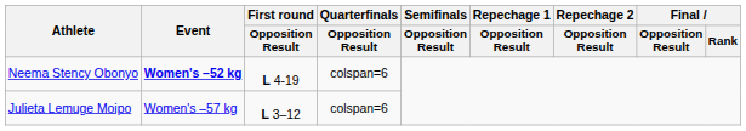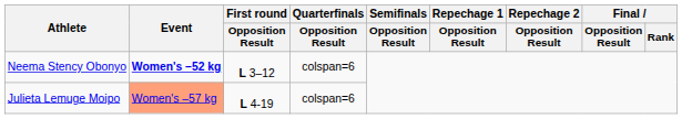 <table class="wikitable" style="font-size:90%;">
 <tr>
 <th rowspan=2>Athlete</th>
 <th rowspan=2>Event</th>
 <th>First round</th>
 <th>Quarterfinals</th>
 <th>Semifinals</th>
 <th>Repechage 1</th>
 <th>Repechage 2</th>
 <th colspan=2>Final / </th>
 </tr>
 <tr style="font-size:95%">
 <th>Opposition<br>Result</th>
 <th>Opposition<br>Result</th>
 <th>Opposition<br>Result</th>
 <th>Opposition<br>Result</th>
 <th>Opposition<br>Result</th>
 <th>Opposition<br>Result</th>
 <th>Rank</th>
 </tr>
 <tr align=center>
 <td align=left><a href='#'>Neema Stency Obonyo</a></td>
 <td align=left><strong><a href='#'>Women's –52 kg</a></strong></td>
-<td><br><strong>L</strong> 4-19</td>
+<td><br><strong>L</strong> 3–12</td>
 <td>colspan=6 </td>
 </tr>
 <tr align=center>
 <td align=left><a href='#'>Julieta Lemuge Moipo</a></td>
-<td align=left><a href='#'>Women's –57 kg</a></td>
-<td><br><strong>L</strong> 3–12</td>
+<td align=left style="background: lightsalmon;"><a href='#'>Women's –57 kg</a></td>
+<td><br><strong>L</strong> 4-19</td>
 <td>colspan=6 </td>
 </tr>
 </table>
